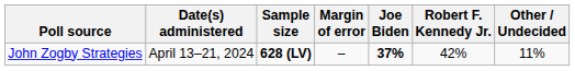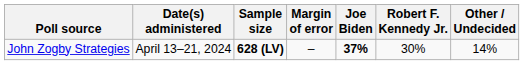 <table class="wikitable sortable mw-datatable" style="font-size:90%;text-align:center;line-height:17px">
 <tr valign=bottom>
 <th>Poll source</th>
 <th>Date(s)<br>administered</th>
 <th>Sample<br>size</th>
 <th>Margin<br>of error</th>
 <th class="unsortable">Joe<br>Biden<br></th>
 <th class="unsortable">Robert F.<br>Kennedy Jr.<br></th>
 <th class="unsortable">Other /<br>Undecided</th>
 </tr>
 <tr>
 <td style="text-align:left;"><a href='#'>John Zogby Strategies</a></td>
 <td data-sort-value="2024-05-01">April 13–21, 2024</td>
 <td><strong>628 (LV)</strong></td>
 <td>–</td>
 <td style="color:black;background-color:"><strong>37%</strong></td>
-<td>42%</td>
-<td>11%</td>
+<td>30%</td>
+<td>14%</td>
 </tr>
 </table>
